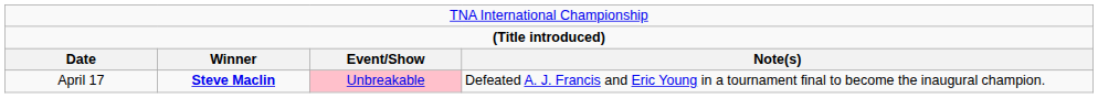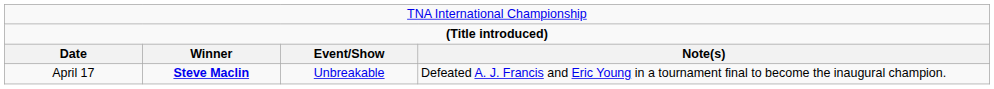 <table class="wikitable" style="text-align:center; width:100%;">
 <tr>
 <td colspan="4" style="text-align: center;"><a href='#'>TNA International Championship</a></td>
 </tr>
 <tr>
 <td colspan="4" style="text-align: center;"><strong>(Title introduced)</strong></td>
 </tr>
 <tr>
 <th width=14%>Date</th>
 <th width=14%>Winner</th>
 <th width=14%>Event/Show</th>
 <th width=58%>Note(s)</th>
 </tr>
 <tr>
 <td>April 17</td>
 <td><strong><a href='#'>Steve Maclin</a></strong></td>
-<td style="background: pink;"><a href='#'>Unbreakable</a></td>
+<td><a href='#'>Unbreakable</a></td>
 <td align=left>Defeated <a href='#'>A. J. Francis</a> and <a href='#'>Eric Young</a> in a tournament final to become the inaugural champion.</td>
 </tr>
 </table>
